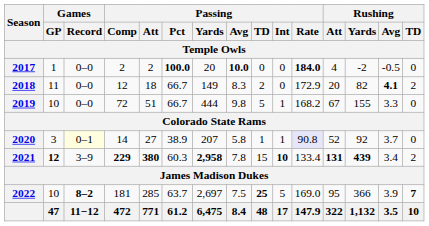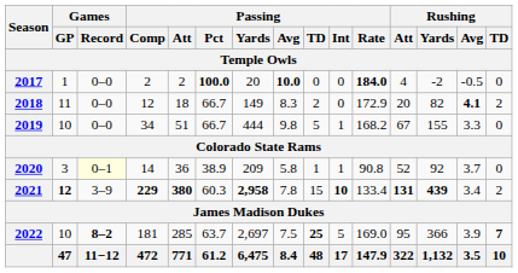 <table class="wikitable" style="text-align:center;">
 <tr>
 <th rowspan="2">Season</th>
 <th colspan="2">Games</th>
 <th colspan="8">Passing</th>
 <th colspan="4">Rushing</th>
 </tr>
 <tr>
 <th>GP</th>
 <th>Record</th>
 <th>Comp</th>
 <th>Att</th>
 <th>Pct</th>
 <th>Yards</th>
 <th>Avg</th>
 <th>TD</th>
 <th>Int</th>
 <th>Rate</th>
 <th>Att</th>
 <th>Yards</th>
 <th>Avg</th>
 <th>TD</th>
 </tr>
 <tr>
 <th colspan="16">Temple Owls</th>
 </tr>
 <tr>
 <th><a href='#'>2017</a></th>
 <td>1</td>
 <td>0–0</td>
 <td>2</td>
 <td>2</td>
 <td><strong>100.0</strong></td>
 <td>20</td>
 <td><strong>10.0</strong></td>
 <td>0</td>
 <td>0</td>
 <td><strong>184.0</strong></td>
 <td>4</td>
 <td>-2</td>
 <td>-0.5</td>
 <td>0</td>
 </tr>
 <tr>
 <th><a href='#'>2018</a></th>
 <td>11</td>
 <td>0–0</td>
 <td>12</td>
 <td>18</td>
 <td>66.7</td>
 <td>149</td>
 <td>8.3</td>
 <td>2</td>
 <td>0</td>
 <td>172.9</td>
 <td>20</td>
 <td>82</td>
 <td><strong>4.1</strong></td>
 <td>2</td>
 </tr>
 <tr>
 <th><a href='#'>2019</a></th>
 <td>10</td>
 <td>0–0</td>
-<td>72</td>
+<td>34</td>
 <td>51</td>
 <td>66.7</td>
 <td>444</td>
 <td>9.8</td>
 <td>5</td>
 <td>1</td>
 <td>168.2</td>
 <td>67</td>
 <td>155</td>
 <td>3.3</td>
 <td>0</td>
 </tr>
 <tr>
 <th colspan="16">Colorado State Rams</th>
 </tr>
 <tr>
 <th><a href='#'>2020</a></th>
 <td>3</td>
 <td style="background: lightyellow;">0–1</td>
 <td>14</td>
-<td>27</td>
+<td>36</td>
 <td>38.9</td>
-<td>207</td>
+<td>209</td>
 <td>5.8</td>
 <td>1</td>
 <td>1</td>
-<td style="background: lavender;">90.8</td>
+<td>90.8</td>
 <td>52</td>
 <td>92</td>
 <td>3.7</td>
 <td>0</td>
 </tr>
 <tr>
 <th><a href='#'>2021</a></th>
 <td><strong>12</strong></td>
 <td>3–9</td>
 <td><strong>229</strong></td>
 <td><strong>380</strong></td>
 <td>60.3</td>
 <td><strong>2,958</strong></td>
 <td>7.8</td>
 <td>15</td>
 <td><strong>10</strong></td>
 <td>133.4</td>
 <td><strong>131</strong></td>
 <td><strong>439</strong></td>
 <td>3.4</td>
 <td>2</td>
 </tr>
 <tr>
 <th colspan="16">James Madison Dukes</th>
 </tr>
 <tr>
 <th><a href='#'>2022</a></th>
 <td>10</td>
 <td><strong>8–2</strong></td>
 <td>181</td>
 <td>285</td>
 <td>63.7</td>
 <td>2,697</td>
 <td>7.5</td>
 <td><strong>25</strong></td>
 <td>5</td>
 <td>169.0</td>
 <td>95</td>
 <td>366</td>
 <td>3.9</td>
 <td><strong>7</strong></td>
 </tr>
 <tr>
 <th></th>
 <th>47</th>
 <th>11−12</th>
 <th>472</th>
 <th>771</th>
 <th>61.2</th>
 <th>6,475</th>
 <th>8.4</th>
 <th>48</th>
 <th>17</th>
 <th>147.9</th>
 <th>322</th>
 <th>1,132</th>
 <th>3.5</th>
 <th>10</th>
 </tr>
 </table>
